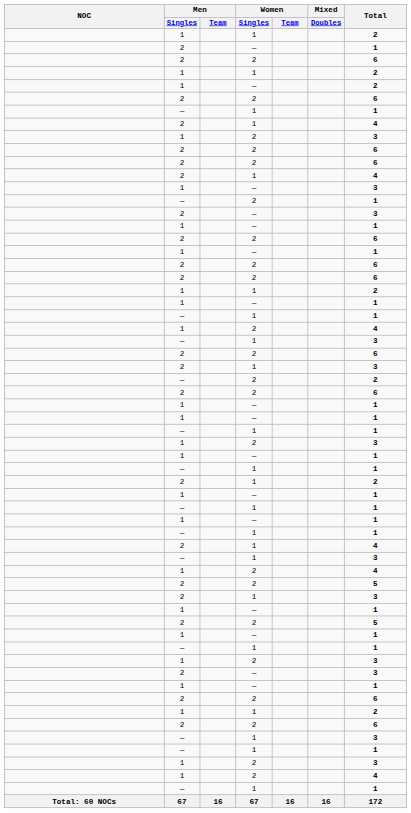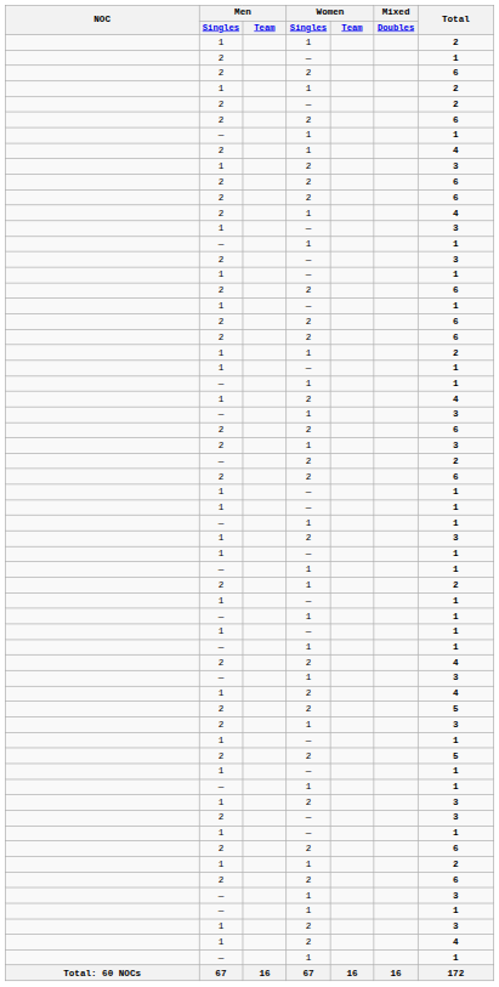 <table class="wikitable sortable" width=620 style="text-align:center; font-size:90%">
 <tr>
 <th rowspan="2" style="text-align:center;">NOC</th>
 <th colspan="2">Men</th>
 <th colspan="2">Women</th>
 <th>Mixed</th>
 <th rowspan="2">Total</th>
 </tr>
 <tr style="font-size:95%">
 <th width=50><a href='#'>Singles</a></th>
 <th width=50><a href='#'>Team</a></th>
 <th width=50><a href='#'>Singles</a></th>
 <th width=50><a href='#'>Team</a></th>
 <th width=50><a href='#'>Doubles</a></th>
 </tr>
 <tr>
 <td align=left></td>
 <td>1</td>
 <td></td>
 <td>1</td>
 <td></td>
 <td></td>
 <td><strong>2</strong></td>
 </tr>
 <tr>
 <td align=left></td>
 <td>2</td>
 <td></td>
 <td>—</td>
 <td></td>
 <td></td>
 <td><strong>1</strong></td>
 </tr>
 <tr>
 <td align=left></td>
 <td>2</td>
 <td></td>
 <td>2</td>
 <td></td>
 <td></td>
 <td><strong>6</strong></td>
 </tr>
 <tr>
 <td align=left></td>
 <td>1</td>
 <td></td>
 <td>1</td>
 <td></td>
 <td></td>
 <td><strong>2</strong></td>
 </tr>
 <tr>
 <td align=left></td>
-<td>1</td>
+<td>2</td>
 <td></td>
 <td>—</td>
 <td></td>
 <td></td>
 <td><strong>2</strong></td>
 </tr>
 <tr>
 <td align=left></td>
 <td>2</td>
 <td></td>
 <td>2</td>
 <td></td>
 <td></td>
 <td><strong>6</strong></td>
 </tr>
 <tr>
 <td align=left></td>
 <td>—</td>
 <td></td>
 <td>1</td>
 <td></td>
 <td></td>
 <td><strong>1</strong></td>
 </tr>
 <tr>
 <td align=left></td>
 <td>2</td>
 <td></td>
 <td>1</td>
 <td></td>
 <td></td>
 <td><strong>4</strong></td>
 </tr>
 <tr>
 <td align=left></td>
 <td>1</td>
 <td></td>
 <td>2</td>
 <td></td>
 <td></td>
 <td><strong>3</strong></td>
 </tr>
 <tr>
 <td align=left></td>
 <td>2</td>
 <td></td>
 <td>2</td>
 <td></td>
 <td></td>
 <td><strong>6</strong></td>
 </tr>
 <tr>
 <td align=left></td>
 <td>2</td>
 <td></td>
 <td>2</td>
 <td></td>
 <td></td>
 <td><strong>6</strong></td>
 </tr>
 <tr>
 <td align=left></td>
 <td>2</td>
 <td></td>
 <td>1</td>
 <td></td>
 <td></td>
 <td><strong>4</strong></td>
 </tr>
 <tr>
 <td align=left></td>
 <td>1</td>
 <td></td>
 <td>—</td>
 <td></td>
 <td></td>
 <td><strong>3</strong></td>
 </tr>
 <tr>
 <td align=left></td>
 <td>—</td>
 <td></td>
-<td>2</td>
+<td>1</td>
 <td></td>
 <td></td>
 <td><strong>1</strong></td>
 </tr>
 <tr>
 <td align=left></td>
 <td>2</td>
 <td></td>
 <td>—</td>
 <td></td>
 <td></td>
 <td><strong>3</strong></td>
 </tr>
 <tr>
 <td align=left></td>
 <td>1</td>
 <td></td>
 <td>—</td>
 <td></td>
 <td></td>
 <td><strong>1</strong></td>
 </tr>
 <tr>
 <td align=left></td>
 <td>2</td>
 <td></td>
 <td>2</td>
 <td></td>
 <td></td>
 <td><strong>6</strong></td>
 </tr>
 <tr>
 <td align=left></td>
 <td>1</td>
 <td></td>
 <td>—</td>
 <td></td>
 <td></td>
 <td><strong>1</strong></td>
 </tr>
 <tr>
 <td align=left></td>
 <td>2</td>
 <td></td>
 <td>2</td>
 <td></td>
 <td></td>
 <td><strong>6</strong></td>
 </tr>
 <tr>
 <td align=left></td>
 <td>2</td>
 <td></td>
 <td>2</td>
 <td></td>
 <td></td>
 <td><strong>6</strong></td>
 </tr>
 <tr>
 <td align=left></td>
 <td>1</td>
 <td></td>
 <td>1</td>
 <td></td>
 <td></td>
 <td><strong>2</strong></td>
 </tr>
 <tr>
 <td align=left></td>
 <td>1</td>
 <td></td>
 <td>—</td>
 <td></td>
 <td></td>
 <td><strong>1</strong></td>
 </tr>
 <tr>
 <td align=left></td>
 <td>—</td>
 <td></td>
 <td>1</td>
 <td></td>
 <td></td>
 <td><strong>1</strong></td>
 </tr>
 <tr>
 <td align=left></td>
 <td>1</td>
 <td></td>
 <td>2</td>
 <td></td>
 <td></td>
 <td><strong>4</strong></td>
 </tr>
 <tr>
 <td align=left></td>
 <td>—</td>
 <td></td>
 <td>1</td>
 <td></td>
 <td></td>
 <td><strong>3</strong></td>
 </tr>
 <tr>
 <td align=left></td>
 <td>2</td>
 <td></td>
 <td>2</td>
 <td></td>
 <td></td>
 <td><strong>6</strong></td>
 </tr>
 <tr>
 <td align=left></td>
 <td>2</td>
 <td></td>
 <td>1</td>
 <td></td>
 <td></td>
 <td><strong>3</strong></td>
 </tr>
 <tr>
 <td align=left></td>
 <td>—</td>
 <td></td>
 <td>2</td>
 <td></td>
 <td></td>
 <td><strong>2</strong></td>
 </tr>
 <tr>
 <td align=left></td>
 <td>2</td>
 <td></td>
 <td>2</td>
 <td></td>
 <td></td>
 <td><strong>6</strong></td>
 </tr>
 <tr>
 <td align=left></td>
 <td>1</td>
 <td></td>
 <td>—</td>
 <td></td>
 <td></td>
 <td><strong>1</strong></td>
 </tr>
 <tr>
 <td align=left></td>
 <td>1</td>
 <td></td>
 <td>—</td>
 <td></td>
 <td></td>
 <td><strong>1</strong></td>
 </tr>
 <tr>
 <td align=left></td>
 <td>—</td>
 <td></td>
 <td>1</td>
 <td></td>
 <td></td>
 <td><strong>1</strong></td>
 </tr>
 <tr>
 <td align=left></td>
 <td>1</td>
 <td></td>
 <td>2</td>
 <td></td>
 <td></td>
 <td><strong>3</strong></td>
 </tr>
 <tr>
 <td align=left></td>
 <td>1</td>
 <td></td>
 <td>—</td>
 <td></td>
 <td></td>
 <td><strong>1</strong></td>
 </tr>
 <tr>
 <td align=left></td>
 <td>—</td>
 <td></td>
 <td>1</td>
 <td></td>
 <td></td>
 <td><strong>1</strong></td>
 </tr>
 <tr>
 <td align=left></td>
 <td>2</td>
 <td></td>
 <td>1</td>
 <td></td>
 <td></td>
 <td><strong>2</strong></td>
 </tr>
 <tr>
 <td align=left></td>
 <td>1</td>
 <td></td>
 <td>—</td>
 <td></td>
 <td></td>
 <td><strong>1</strong></td>
 </tr>
 <tr>
 <td align=left></td>
 <td>—</td>
 <td></td>
 <td>1</td>
 <td></td>
 <td></td>
 <td><strong>1</strong></td>
 </tr>
 <tr>
 <td align=left></td>
 <td>1</td>
 <td></td>
 <td>—</td>
 <td></td>
 <td></td>
 <td><strong>1</strong></td>
 </tr>
 <tr>
 <td align=left></td>
 <td>—</td>
 <td></td>
 <td>1</td>
 <td></td>
 <td></td>
 <td><strong>1</strong></td>
 </tr>
 <tr>
 <td align=left></td>
 <td>2</td>
 <td></td>
-<td>1</td>
+<td>2</td>
 <td></td>
 <td></td>
 <td><strong>4</strong></td>
 </tr>
 <tr>
 <td align=left></td>
 <td>—</td>
 <td></td>
 <td>1</td>
 <td></td>
 <td></td>
 <td><strong>3</strong></td>
 </tr>
 <tr>
 <td align=left></td>
 <td>1</td>
 <td></td>
 <td>2</td>
 <td></td>
 <td></td>
 <td><strong>4</strong></td>
 </tr>
 <tr>
 <td align=left></td>
 <td>2</td>
 <td></td>
 <td>2</td>
 <td></td>
 <td></td>
 <td><strong>5</strong></td>
 </tr>
 <tr>
 <td align=left></td>
 <td>2</td>
 <td></td>
 <td>1</td>
 <td></td>
 <td></td>
 <td><strong>3</strong></td>
 </tr>
 <tr>
 <td align=left></td>
 <td>1</td>
 <td></td>
 <td>—</td>
 <td></td>
 <td></td>
 <td><strong>1</strong></td>
 </tr>
 <tr>
 <td align=left></td>
 <td>2</td>
 <td></td>
 <td>2</td>
 <td></td>
 <td></td>
 <td><strong>5</strong></td>
 </tr>
 <tr>
 <td align=left></td>
 <td>1</td>
 <td></td>
 <td>—</td>
 <td></td>
 <td></td>
 <td><strong>1</strong></td>
 </tr>
 <tr>
 <td align=left></td>
 <td>—</td>
 <td></td>
 <td>1</td>
 <td></td>
 <td></td>
 <td><strong>1</strong></td>
 </tr>
 <tr>
 <td align=left></td>
 <td>1</td>
 <td></td>
 <td>2</td>
 <td></td>
 <td></td>
 <td><strong>3</strong></td>
 </tr>
 <tr>
 <td align=left></td>
 <td>2</td>
 <td></td>
 <td>—</td>
 <td></td>
 <td></td>
 <td><strong>3</strong></td>
 </tr>
 <tr>
 <td align=left></td>
 <td>1</td>
 <td></td>
 <td>—</td>
 <td></td>
 <td></td>
 <td><strong>1</strong></td>
 </tr>
 <tr>
 <td align=left></td>
 <td>2</td>
 <td></td>
 <td>2</td>
 <td></td>
 <td></td>
 <td><strong>6</strong></td>
 </tr>
 <tr>
 <td align=left></td>
 <td>1</td>
 <td></td>
 <td>1</td>
 <td></td>
 <td></td>
 <td><strong>2</strong></td>
 </tr>
 <tr>
 <td align=left></td>
 <td>2</td>
 <td></td>
 <td>2</td>
 <td></td>
 <td></td>
 <td><strong>6</strong></td>
 </tr>
 <tr>
 <td align=left></td>
 <td>—</td>
 <td></td>
 <td>1</td>
 <td></td>
 <td></td>
 <td><strong>3</strong></td>
 </tr>
 <tr>
 <td align=left></td>
 <td>—</td>
 <td></td>
 <td>1</td>
 <td></td>
 <td></td>
 <td><strong>1</strong></td>
 </tr>
 <tr>
 <td align=left></td>
 <td>1</td>
 <td></td>
 <td>2</td>
 <td></td>
 <td></td>
 <td><strong>3</strong></td>
 </tr>
 <tr>
 <td align=left></td>
 <td>1</td>
 <td></td>
 <td>2</td>
 <td></td>
 <td></td>
 <td><strong>4</strong></td>
 </tr>
 <tr>
 <td align=left></td>
 <td>—</td>
 <td></td>
 <td>1</td>
 <td></td>
 <td></td>
 <td><strong>1</strong></td>
 </tr>
 <tr>
 <th>Total: 60 NOCs</th>
 <th>67</th>
 <th>16</th>
 <th>67</th>
 <th>16</th>
 <th>16</th>
 <th>172</th>
 </tr>
 </table>
